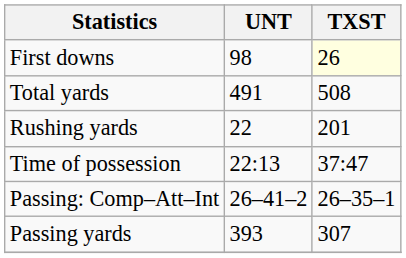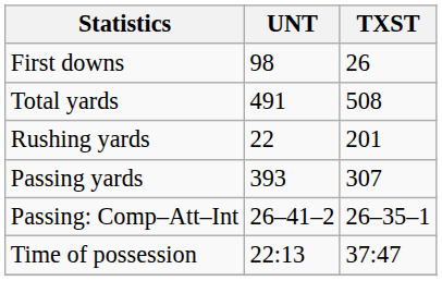 <table class="wikitable" style="float: left;">
 <tr>
 <th>Statistics</th>
 <th>UNT</th>
 <th>TXST</th>
 </tr>
 <tr>
 <td>First downs</td>
 <td>98</td>
-<td style="background: lightyellow;">26</td>
+<td>26</td>
 </tr>
 <tr>
 <td>Total yards</td>
 <td>491</td>
 <td>508</td>
 </tr>
 <tr>
 <td>Rushing yards</td>
 <td>22</td>
 <td>201</td>
 </tr>
 <tr>
-<td>Time of possession</td>
-<td>22:13</td>
-<td>37:47</td>
+<td>Passing yards</td>
+<td>393</td>
+<td>307</td>
 </tr>
 <tr>
 <td>Passing: Comp–Att–Int</td>
 <td>26–41–2</td>
 <td>26–35–1</td>
 </tr>
 <tr>
-<td>Passing yards</td>
-<td>393</td>
-<td>307</td>
+<td>Time of possession</td>
+<td>22:13</td>
+<td>37:47</td>
 </tr>
 <tr>
 </tr>
 </table>
